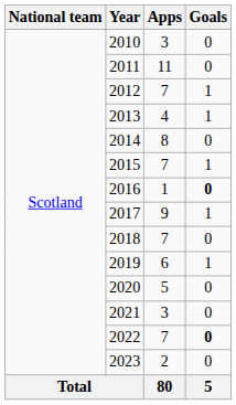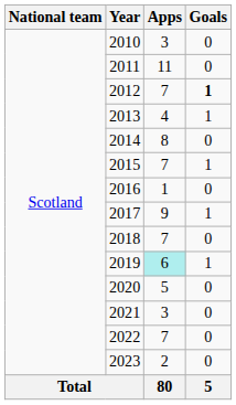 <table class="wikitable" style="text-align:center">
 <tr>
 <th>National team</th>
 <th>Year</th>
 <th>Apps</th>
 <th>Goals</th>
 </tr>
 <tr>
 <td rowspan="14"><a href='#'>Scotland</a></td>
 <td>2010</td>
 <td>3</td>
 <td>0</td>
 </tr>
 <tr>
 <td>2011</td>
 <td>11</td>
 <td>0</td>
 </tr>
 <tr>
 <td>2012</td>
 <td>7</td>
-<td>1</td>
+<td><strong>1</strong></td>
 </tr>
 <tr>
 <td>2013</td>
 <td>4</td>
 <td>1</td>
 </tr>
 <tr>
 <td>2014</td>
 <td>8</td>
 <td>0</td>
 </tr>
 <tr>
 <td>2015</td>
 <td>7</td>
 <td>1</td>
 </tr>
 <tr>
 <td>2016</td>
 <td>1</td>
-<td><strong>0</strong></td>
+<td>0</td>
 </tr>
 <tr>
 <td>2017</td>
 <td>9</td>
 <td>1</td>
 </tr>
 <tr>
 <td>2018</td>
 <td>7</td>
 <td>0</td>
 </tr>
 <tr>
 <td>2019</td>
-<td>6</td>
+<td style="background: paleturquoise;">6</td>
 <td>1</td>
 </tr>
 <tr>
 <td>2020</td>
 <td>5</td>
 <td>0</td>
 </tr>
 <tr>
 <td>2021</td>
 <td>3</td>
 <td>0</td>
 </tr>
 <tr>
 <td>2022</td>
 <td>7</td>
-<td><strong>0</strong></td>
+<td>0</td>
 </tr>
 <tr>
 <td>2023</td>
 <td>2</td>
 <td>0</td>
 </tr>
 <tr>
 <th colspan=2>Total</th>
 <th>80</th>
 <th>5</th>
 </tr>
 </table>
